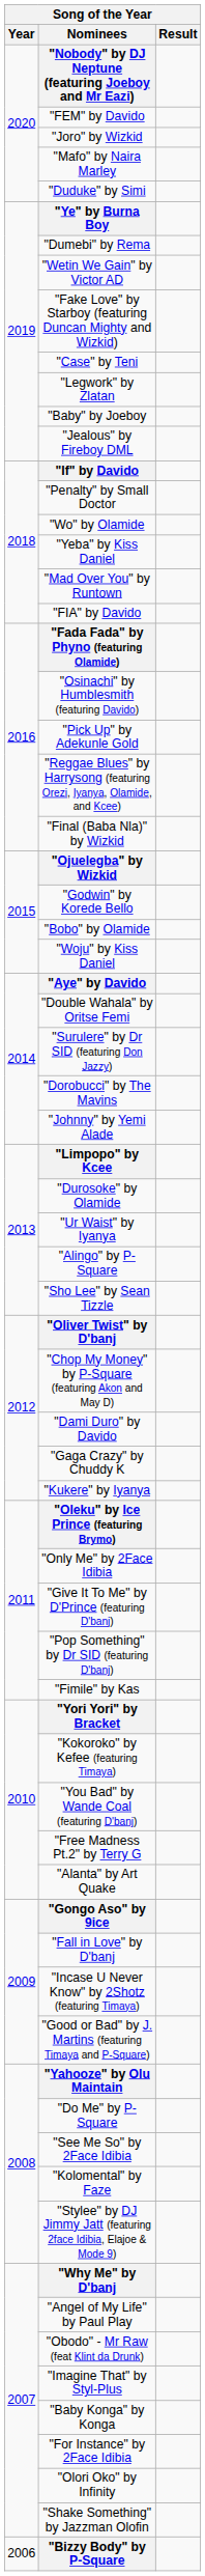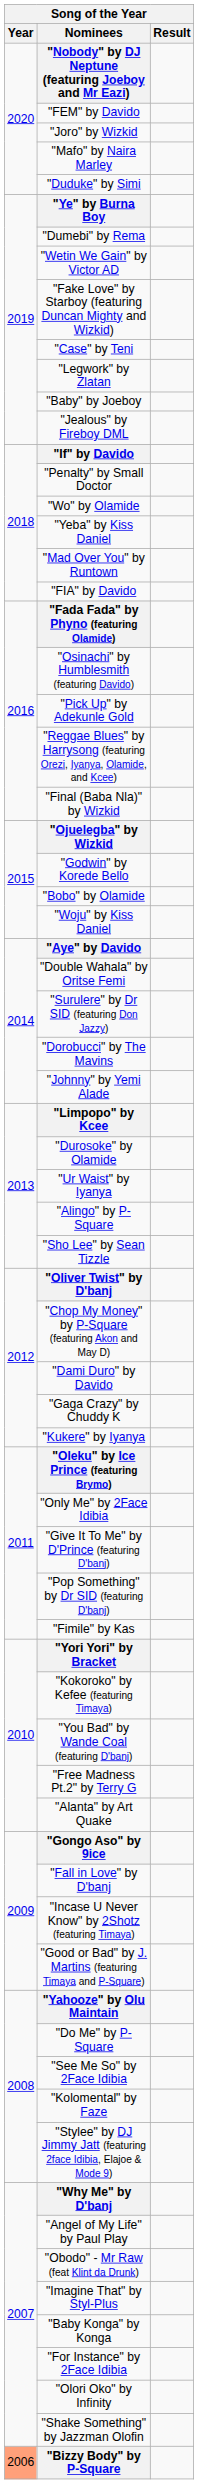 <table class="wikitable"  style="text-align:center; width:40%;">
 <tr>
 <th colspan="3">Song of the Year</th>
 </tr>
 <tr>
 <th>Year</th>
 <th>Nominees</th>
 <th>Result</th>
 </tr>
 <tr>
 <td rowspan="5"><a href='#'>2020</a></td>
 <th>"<a href='#'>Nobody</a>" by <a href='#'>DJ Neptune</a> <span>(featuring <a href='#'>Joeboy</a> and <a href='#'>Mr Eazi</a>)</span></th>
 <td></td>
 </tr>
 <tr>
 <td>"FEM" by <a href='#'>Davido</a></td>
 <td></td>
 </tr>
 <tr>
 <td>"Joro" by <a href='#'>Wizkid</a></td>
 <td></td>
 </tr>
 <tr>
 <td>"Mafo" by <a href='#'>Naira Marley</a></td>
 <td></td>
 </tr>
 <tr>
 <td>"<a href='#'>Duduke</a>" by <a href='#'>Simi</a></td>
 <td></td>
 </tr>
 <tr>
 <td rowspan="8"><a href='#'>2019</a></td>
 <th>"<a href='#'>Ye</a>" by <a href='#'>Burna Boy</a></th>
 <td></td>
 </tr>
 <tr>
 <td>"Dumebi" by <a href='#'>Rema</a></td>
 <td></td>
 </tr>
 <tr>
 <td>"<a href='#'>Wetin We Gain</a>" by <a href='#'>Victor AD</a></td>
 <td></td>
 </tr>
 <tr>
 <td>"Fake Love" by Starboy <span>(featuring <a href='#'>Duncan Mighty</a> and <a href='#'>Wizkid</a>)</span></td>
 <td></td>
 </tr>
 <tr>
 <td>"<a href='#'>Case</a>" by <a href='#'>Teni</a></td>
 <td></td>
 </tr>
 <tr>
 <td>"Legwork" by <a href='#'>Zlatan</a></td>
 <td></td>
 </tr>
 <tr>
 <td>"Baby" by Joeboy</td>
 <td></td>
 </tr>
 <tr>
 <td>"Jealous" by <a href='#'>Fireboy DML</a></td>
 <td></td>
 </tr>
 <tr>
 <td rowspan="6"><a href='#'>2018</a></td>
 <th>"If" by <a href='#'>Davido</a></th>
 <td></td>
 </tr>
 <tr>
 <td>"Penalty" by Small Doctor</td>
 <td></td>
 </tr>
 <tr>
 <td>"Wo" by <a href='#'>Olamide</a></td>
 <td></td>
 </tr>
 <tr>
 <td>"Yeba" by <a href='#'>Kiss Daniel</a></td>
 <td></td>
 </tr>
 <tr>
 <td>"<a href='#'>Mad Over You</a>" by <a href='#'>Runtown</a></td>
 <td></td>
 </tr>
 <tr>
 <td>"FIA" by <a href='#'>Davido</a></td>
 <td></td>
 </tr>
 <tr>
 <td rowspan="5"><a href='#'>2016</a></td>
 <th>"Fada Fada" by <a href='#'>Phyno</a> <small>(featuring <a href='#'>Olamide</a>)</small></th>
 <td></td>
 </tr>
 <tr>
 <td>"<a href='#'>Osinachi</a>" by <a href='#'>Humblesmith</a> <small>(featuring <a href='#'>Davido</a>)</small></td>
 <td></td>
 </tr>
 <tr>
 <td>"<a href='#'>Pick Up</a>" by <a href='#'>Adekunle Gold</a></td>
 <td></td>
 </tr>
 <tr>
 <td>"<a href='#'>Reggae Blues</a>" by <a href='#'>Harrysong</a> <small>(featuring <a href='#'>Orezi</a>, <a href='#'>Iyanya</a>, <a href='#'>Olamide</a>, and <a href='#'>Kcee</a>)</small></td>
 <td></td>
 </tr>
 <tr>
 <td>"Final (Baba Nla)" by <a href='#'>Wizkid</a></td>
 <td></td>
 </tr>
 <tr>
 <td rowspan="4"><a href='#'>2015</a></td>
 <th>"<a href='#'>Ojuelegba</a>" by <a href='#'>Wizkid</a></th>
 <td></td>
 </tr>
 <tr>
 <td>"<a href='#'>Godwin</a>" by <a href='#'>Korede Bello</a></td>
 <td></td>
 </tr>
 <tr>
 <td>"<a href='#'>Bobo</a>" by <a href='#'>Olamide</a></td>
 <td></td>
 </tr>
 <tr>
 <td>"<a href='#'>Woju</a>" by <a href='#'>Kiss Daniel</a></td>
 <td></td>
 </tr>
 <tr>
 <td rowspan="5"><a href='#'>2014</a></td>
 <th>"<a href='#'>Aye</a>" by <a href='#'>Davido</a></th>
 <td></td>
 </tr>
 <tr>
 <td>"Double Wahala" by <a href='#'>Oritse Femi</a></td>
 <td></td>
 </tr>
 <tr>
 <td>"<a href='#'>Surulere</a>" by <a href='#'>Dr SID</a> <small>(featuring <a href='#'>Don Jazzy</a>)</small></td>
 <td></td>
 </tr>
 <tr>
 <td>"<a href='#'>Dorobucci</a>" by <a href='#'>The Mavins</a></td>
 <td></td>
 </tr>
 <tr>
 <td>"<a href='#'>Johnny</a>" by <a href='#'>Yemi Alade</a></td>
 <td></td>
 </tr>
 <tr>
 <td rowspan="5"><a href='#'>2013</a></td>
 <th>"Limpopo" by <a href='#'>Kcee</a></th>
 <td></td>
 </tr>
 <tr>
 <td>"<a href='#'>Durosoke</a>" by <a href='#'>Olamide</a></td>
 <td></td>
 </tr>
 <tr>
 <td>"<a href='#'>Ur Waist</a>" by <a href='#'>Iyanya</a></td>
 <td></td>
 </tr>
 <tr>
 <td>"<a href='#'>Alingo</a>" by <a href='#'>P-Square</a></td>
 <td></td>
 </tr>
 <tr>
 <td>"<a href='#'>Sho Lee</a>" by <a href='#'>Sean Tizzle</a></td>
 <td></td>
 </tr>
 <tr>
 <td rowspan="5"><a href='#'>2012</a></td>
 <th>"<a href='#'>Oliver Twist</a>" by <a href='#'>D'banj</a></th>
 <td></td>
 </tr>
 <tr>
 <td>"<a href='#'>Chop My Money</a>" by <a href='#'>P-Square</a> <small>(featuring <a href='#'>Akon</a> and May D)</small></td>
 <td></td>
 </tr>
 <tr>
 <td>"<a href='#'>Dami Duro</a>" by <a href='#'>Davido</a></td>
 <td></td>
 </tr>
 <tr>
 <td>"Gaga Crazy" by Chuddy K</td>
 <td></td>
 </tr>
 <tr>
 <td>"<a href='#'>Kukere</a>" by <a href='#'>Iyanya</a></td>
 <td></td>
 </tr>
 <tr>
 <td rowspan="5"><a href='#'>2011</a></td>
 <th>"<a href='#'>Oleku</a>" by <a href='#'>Ice Prince</a> <small>(featuring <a href='#'>Brymo</a>)</small></th>
 <td></td>
 </tr>
 <tr>
 <td>"Only Me" by <a href='#'>2Face Idibia</a></td>
 <td></td>
 </tr>
 <tr>
 <td>"Give It To Me" by <a href='#'>D'Prince</a> <small>(featuring <a href='#'>D'banj</a>)</small></td>
 <td></td>
 </tr>
 <tr>
 <td>"Pop Something" by <a href='#'>Dr SID</a> <small>(featuring <a href='#'>D'banj</a>)</small></td>
 <td></td>
 </tr>
 <tr>
 <td>"Fimile" by Kas</td>
 <td></td>
 </tr>
 <tr>
 <td rowspan="5"><a href='#'>2010</a></td>
 <th>"Yori Yori" by <a href='#'>Bracket</a></th>
 <td></td>
 </tr>
 <tr>
 <td>"Kokoroko" by Kefee <small>(featuring <a href='#'>Timaya</a>)</small></td>
 <td></td>
 </tr>
 <tr>
 <td>"You Bad" by <a href='#'>Wande Coal</a> <small>(featuring <a href='#'>D'banj</a>)</small></td>
 <td></td>
 </tr>
 <tr>
 <td>"Free Madness Pt.2" by <a href='#'>Terry G</a></td>
 <td></td>
 </tr>
 <tr>
 <td>"Alanta" by Art Quake</td>
 <td></td>
 </tr>
 <tr>
 <td rowspan="4"><a href='#'>2009</a></td>
 <th>"Gongo Aso" by <a href='#'>9ice</a></th>
 <td></td>
 </tr>
 <tr>
 <td>"<a href='#'>Fall in Love</a>" by <a href='#'>D'banj</a></td>
 <td></td>
 </tr>
 <tr>
 <td>"Incase U Never Know" by <a href='#'>2Shotz</a> <small>(featuring <a href='#'>Timaya</a>)</small></td>
 <td></td>
 </tr>
 <tr>
 <td>"Good or Bad" by <a href='#'>J. Martins</a> <small>(featuring <a href='#'>Timaya</a> and <a href='#'>P-Square</a>)</small></td>
 <td></td>
 </tr>
 <tr>
 <td rowspan="5"><a href='#'>2008</a></td>
 <th>"<a href='#'>Yahooze</a>" by <a href='#'>Olu Maintain</a></th>
 <td></td>
 </tr>
 <tr>
 <td>"Do Me" by <a href='#'>P-Square</a></td>
 <td></td>
 </tr>
 <tr>
 <td>"See Me So" by <a href='#'>2Face Idibia</a></td>
 <td></td>
 </tr>
 <tr>
 <td>"Kolomental" by <a href='#'>Faze</a></td>
 <td></td>
 </tr>
 <tr>
 <td>"Stylee" by <a href='#'>DJ Jimmy Jatt</a> <small>(featuring <a href='#'>2face Idibia</a>, Elajoe & <a href='#'>Mode 9</a>)</small></td>
 <td></td>
 </tr>
 <tr>
 <td rowspan="8"><a href='#'>2007</a></td>
 <th>"Why Me" by <a href='#'>D'banj</a></th>
 <td></td>
 </tr>
 <tr>
 <td>"Angel of My Life" by Paul Play</td>
 <td></td>
 </tr>
 <tr>
 <td>"Obodo" - <a href='#'>Mr Raw</a> <small>(feat <a href='#'>Klint da Drunk</a>)</small></td>
 <td></td>
 </tr>
 <tr>
 <td>"Imagine That" by <a href='#'>Styl-Plus</a></td>
 <td></td>
 </tr>
 <tr>
 <td>"Baby Konga" by Konga</td>
 <td></td>
 </tr>
 <tr>
 <td>"For Instance" by <a href='#'>2Face Idibia</a></td>
 <td></td>
 </tr>
 <tr>
 <td>"Olori Oko" by Infinity</td>
 <td></td>
 </tr>
 <tr>
 <td>"Shake Something" by Jazzman Olofin</td>
 <td></td>
 </tr>
 <tr>
-<td>2006</td>
+<td style="background: lightsalmon;">2006</td>
 <th>"Bizzy Body" by <a href='#'>P-Square</a></th>
 <td></td>
 </tr>
 </table>
